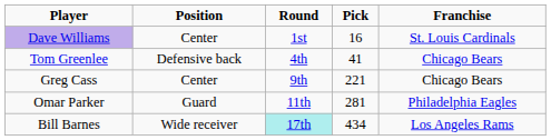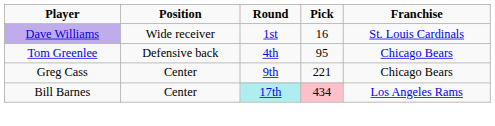 <table class="wikitable" width="50%">
 <tr align="center">
 <td><strong>Player</strong></td>
 <td><strong>Position</strong></td>
 <td><strong>Round</strong></td>
 <td><strong>Pick</strong></td>
 <td><strong>Franchise</strong></td>
 </tr>
 <tr align="center" bgcolor="">
 <td bgcolor="C0ACEA"><a href='#'>Dave Williams</a></td>
-<td>Center</td>
+<td>Wide receiver</td>
 <td><a href='#'>1st</a></td>
 <td>16</td>
 <td><a href='#'>St. Louis Cardinals</a></td>
 </tr>
 <tr align="center" bgcolor="">
 <td><a href='#'>Tom Greenlee</a></td>
 <td>Defensive back</td>
 <td><a href='#'>4th</a></td>
-<td>41</td>
+<td>95</td>
 <td><a href='#'>Chicago Bears</a></td>
 </tr>
 <tr align="center" bgcolor="">
 <td>Greg Cass</td>
 <td>Center</td>
 <td><a href='#'>9th</a></td>
 <td>221</td>
 <td>Chicago Bears</td>
 </tr>
-<tr align="center" bgcolor="">
-<td>Omar Parker</td>
-<td>Guard</td>
-<td><a href='#'>11th</a></td>
-<td>281</td>
-<td><a href='#'>Philadelphia Eagles</a></td>
-</tr>
 <tr align="center">
 <td>Bill Barnes</td>
-<td>Wide receiver</td>
+<td>Center</td>
 <td style="background: paleturquoise;"><a href='#'>17th</a></td>
-<td>434</td>
+<td style="background: pink;">434</td>
 <td><a href='#'>Los Angeles Rams</a></td>
 </tr>
 </table>
